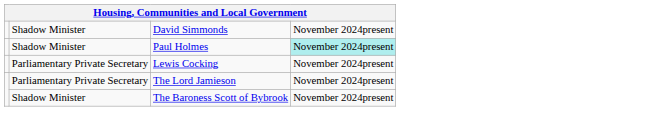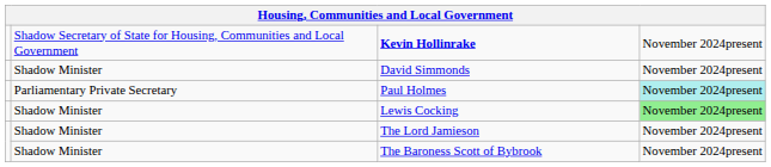 <table class="wikitable">
 <tr>
 <th colspan="4"><a href='#'>Housing, Communities and Local Government</a></th>
+</tr>
+<tr>
+<td style="background: "></td>
+<td style="width: 450px;"><a href='#'>Shadow Secretary of State for Housing, Communities and Local Government</a></td>
+<td style="width: 320px;"><strong><a href='#'>Kevin Hollinrake</a></strong></td>
+<td>November 2024present</td>
 </tr>
 <tr>
 <td style="background: "></td>
 <td>Shadow Minister</td>
 <td><a href='#'>David Simmonds</a></td>
 <td>November 2024present</td>
 </tr>
 <tr>
 <td style="background: "></td>
-<td>Shadow Minister</td>
+<td>Parliamentary Private Secretary</td>
 <td><a href='#'>Paul Holmes</a></td>
 <td style="background: paleturquoise;">November 2024present</td>
 </tr>
 <tr>
 <td style="background: "></td>
-<td>Parliamentary Private Secretary</td>
+<td>Shadow Minister</td>
 <td><a href='#'>Lewis Cocking</a></td>
-<td>November 2024present</td>
+<td style="background: lightgreen;">November 2024present</td>
 </tr>
 <tr>
 <td rowspan="2" style="background: "></td>
-<td>Parliamentary Private Secretary</td>
+<td>Shadow Minister</td>
 <td><a href='#'>The Lord Jamieson</a></td>
 <td>November 2024present</td>
 </tr>
 <tr>
 <td>Shadow Minister</td>
 <td><a href='#'>The Baroness Scott of Bybrook</a></td>
 <td>November 2024present</td>
 </tr>
 </table>
